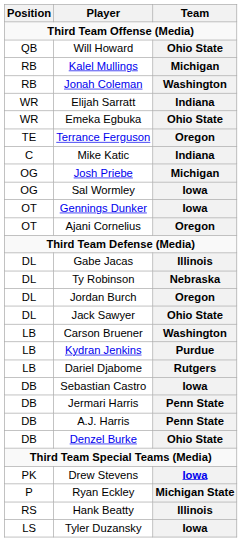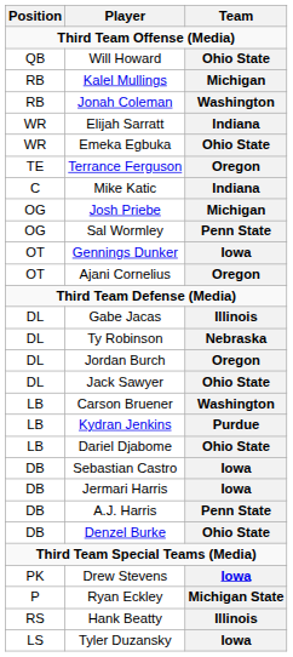 <table class="wikitable sortable">
 <tr>
 <th>Position</th>
 <th>Player</th>
 <th>Team</th>
 </tr>
 <tr>
 <td colspan="3" style="text-align:center; "><strong>Third Team Offense (Media)</strong></td>
 </tr>
 <tr style="text-align:center;">
 <td style="background:white">QB</td>
 <td style="background:white">Will Howard</td>
 <th>Ohio State</th>
 </tr>
 <tr style="text-align:center;">
 <td style="background:white">RB</td>
 <td style="background:white"><a href='#'>Kalel Mullings</a></td>
 <th>Michigan</th>
 </tr>
 <tr style="text-align:center;">
 <td style="background:white">RB</td>
 <td style="background:white"><a href='#'>Jonah Coleman</a></td>
 <th>Washington</th>
 </tr>
 <tr style="text-align:center;">
 <td style="background:white">WR</td>
 <td style="background:white">Elijah Sarratt</td>
 <th>Indiana</th>
 </tr>
 <tr style="text-align:center;">
 <td style="background:white">WR</td>
 <td style="background:white">Emeka Egbuka</td>
 <th>Ohio State</th>
 </tr>
 <tr style="text-align:center;">
 <td style="background:white">TE</td>
 <td style="background:white"><a href='#'>Terrance Ferguson</a></td>
 <th>Oregon</th>
 </tr>
 <tr style="text-align:center;">
 <td style="background:white">C</td>
 <td style="background:white">Mike Katic</td>
 <th>Indiana</th>
 </tr>
 <tr style="text-align:center;">
 <td style="background:white">OG</td>
 <td style="background:white"><a href='#'>Josh Priebe</a></td>
 <th>Michigan</th>
 </tr>
 <tr style="text-align:center;">
 <td style="background:white">OG</td>
 <td style="background:white">Sal Wormley</td>
-<th>Iowa</th>
+<th>Penn State</th>
 </tr>
 <tr style="text-align:center;">
 <td style="background:white">OT</td>
 <td style="background:white"><a href='#'>Gennings Dunker</a></td>
 <th>Iowa</th>
 </tr>
 <tr style="text-align:center;">
 <td style="background:white">OT</td>
 <td style="background:white">Ajani Cornelius</td>
 <th>Oregon</th>
 </tr>
 <tr>
 <td colspan="3" style="text-align:center; "><strong>Third Team Defense (Media)</strong></td>
 </tr>
 <tr style="text-align:center;">
 <td style="background:white">DL</td>
 <td style="background:white">Gabe Jacas</td>
 <th>Illinois</th>
 </tr>
 <tr style="text-align:center;">
 <td style="background:white">DL</td>
 <td style="background:white">Ty Robinson</td>
 <th>Nebraska</th>
 </tr>
 <tr style="text-align:center;">
 <td style="background:white">DL</td>
 <td style="background:white">Jordan Burch</td>
 <th>Oregon</th>
 </tr>
 <tr style="text-align:center;">
 <td style="background:white">DL</td>
 <td style="background:white">Jack Sawyer</td>
 <th>Ohio State</th>
 </tr>
 <tr style="text-align:center;">
 <td style="background:white">LB</td>
 <td style="background:white">Carson Bruener</td>
 <th>Washington</th>
 </tr>
 <tr style="text-align:center;">
 <td style="background:white">LB</td>
 <td style="background:white"><a href='#'>Kydran Jenkins</a></td>
 <th>Purdue</th>
 </tr>
 <tr style="text-align:center;">
 <td style="background:white">LB</td>
 <td style="background:white">Dariel Djabome</td>
-<th>Rutgers</th>
+<th>Ohio State</th>
 </tr>
 <tr style="text-align:center;">
 <td style="background:white">DB</td>
 <td style="background:white">Sebastian Castro</td>
 <th>Iowa</th>
 </tr>
 <tr style="text-align:center;">
 <td style="background:white">DB</td>
 <td style="background:white">Jermari Harris</td>
-<th>Penn State</th>
+<th>Iowa</th>
 </tr>
 <tr style="text-align:center;">
 <td style="background:white">DB</td>
 <td style="background:white">A.J. Harris</td>
 <th>Penn State</th>
 </tr>
 <tr style="text-align:center;">
 <td style="background:white">DB</td>
 <td style="background:white"><a href='#'>Denzel Burke</a></td>
 <th>Ohio State</th>
 </tr>
 <tr>
 <td colspan="4" style="text-align:center; "><strong>Third Team Special Teams (Media)</strong></td>
 </tr>
 <tr style="text-align:center;">
 <td style="background:white">PK</td>
 <td style="background:white">Drew Stevens</td>
 <th><a href='#'>Iowa</a></th>
 </tr>
 <tr style="text-align:center;">
 <td style="background:white">P</td>
 <td style="background:white">Ryan Eckley</td>
 <th>Michigan State</th>
 </tr>
 <tr style="text-align:center;">
 <td style="background:white">RS</td>
 <td style="background:white">Hank Beatty</td>
 <th>Illinois</th>
 </tr>
 <tr style="text-align:center;">
 <td style="background:white">LS</td>
 <td style="background:white">Tyler Duzansky</td>
 <th>Iowa</th>
 </tr>
 </table>
